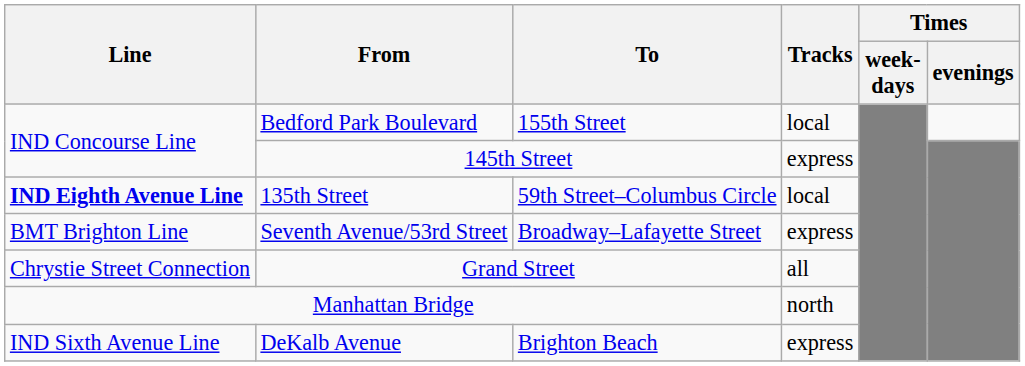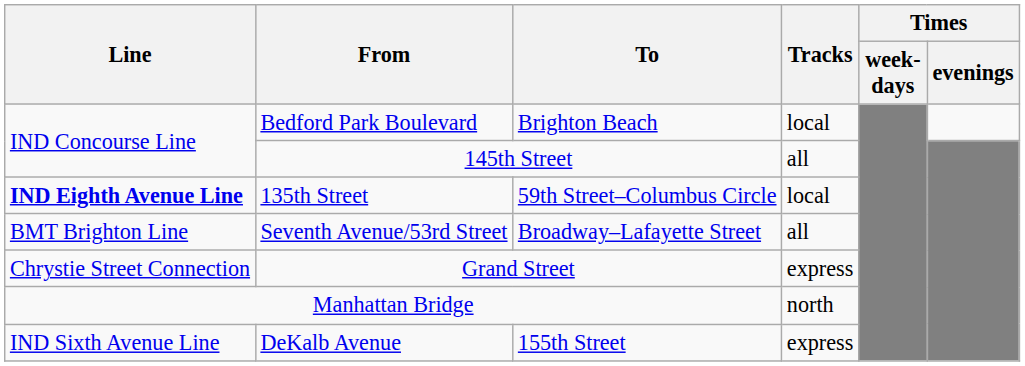 <table class="wikitable collapsible" style="font-size:95%">
 <tr>
 <th rowspan=2>Line</th>
 <th rowspan=2>From</th>
 <th rowspan=2>To</th>
 <th rowspan=2>Tracks</th>
 <th colspan="2">Times</th>
 </tr>
 <tr>
 <th width="40" align="center">week­days</th>
 <th width="40" align="center">evenings</th>
 </tr>
 <tr>
 <td rowspan=2><a href='#'>IND Concourse Line</a></td>
 <td><a href='#'>Bedford Park Boulevard</a></td>
-<td><a href='#'>155th Street</a></td>
+<td><a href='#'>Brighton Beach</a></td>
 <td>local</td>
 <td rowspan="7" style="background: gray"> </td>
 <td> </td>
 </tr>
 <tr>
 <td colspan=2 align=center><a href='#'>145th Street</a></td>
-<td>express</td>
+<td>all</td>
 <td rowspan=7 style="background: gray"> </td>
 </tr>
 <tr>
 <td><strong><a href='#'>IND Eighth Avenue Line</a></strong></td>
 <td><a href='#'>135th Street</a></td>
 <td><a href='#'>59th Street–Columbus Circle</a></td>
 <td>local</td>
 </tr>
 <tr>
 <td><a href='#'>BMT Brighton Line</a></td>
 <td><a href='#'>Seventh Avenue/53rd Street</a></td>
 <td><a href='#'>Broadway–Lafayette Street</a></td>
-<td>express</td>
+<td>all</td>
 </tr>
 <tr>
 <td><a href='#'>Chrystie Street Connection</a></td>
 <td colspan=2 align=center><a href='#'>Grand Street</a></td>
-<td>all</td>
+<td>express</td>
 </tr>
 <tr>
 <td colspan=3 align=center><a href='#'>Manhattan Bridge</a></td>
 <td>north</td>
 </tr>
 <tr>
 <td><a href='#'>IND Sixth Avenue Line</a></td>
 <td><a href='#'>DeKalb Avenue</a></td>
-<td><a href='#'>Brighton Beach</a></td>
+<td><a href='#'>155th Street</a></td>
 <td>express</td>
 </tr>
 </table>
